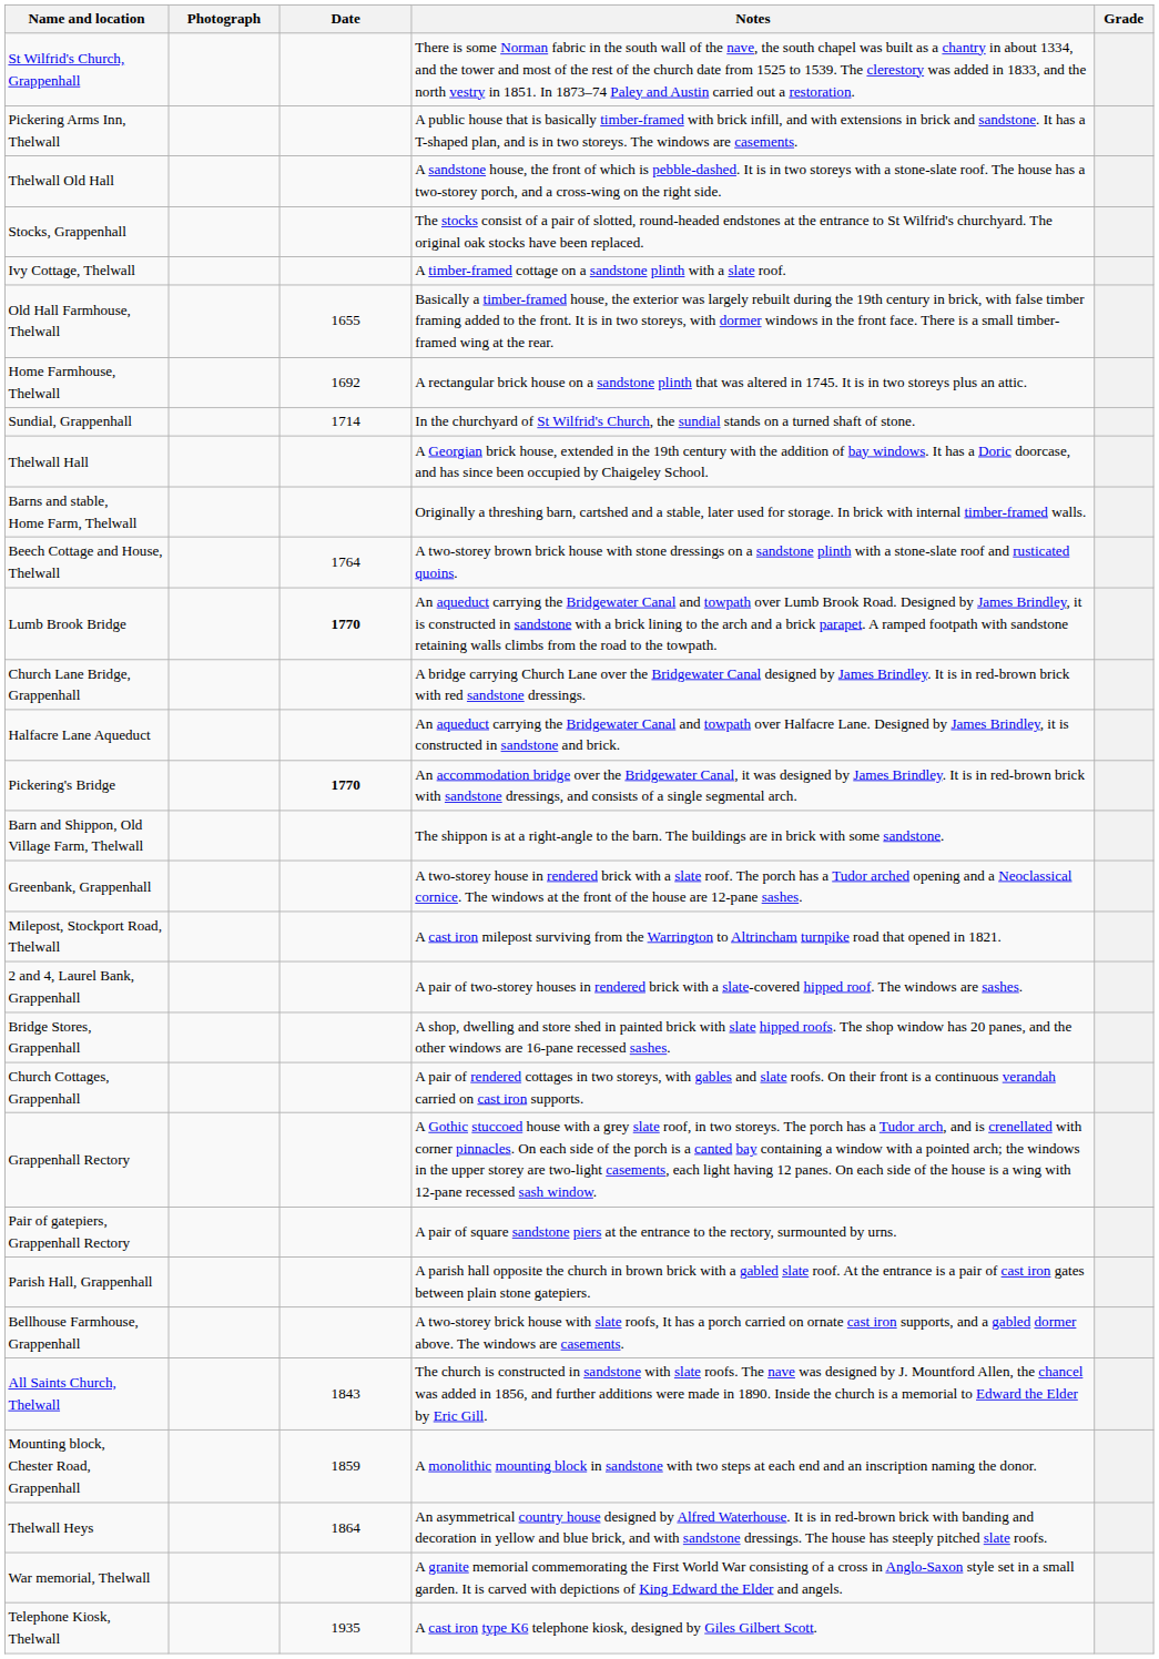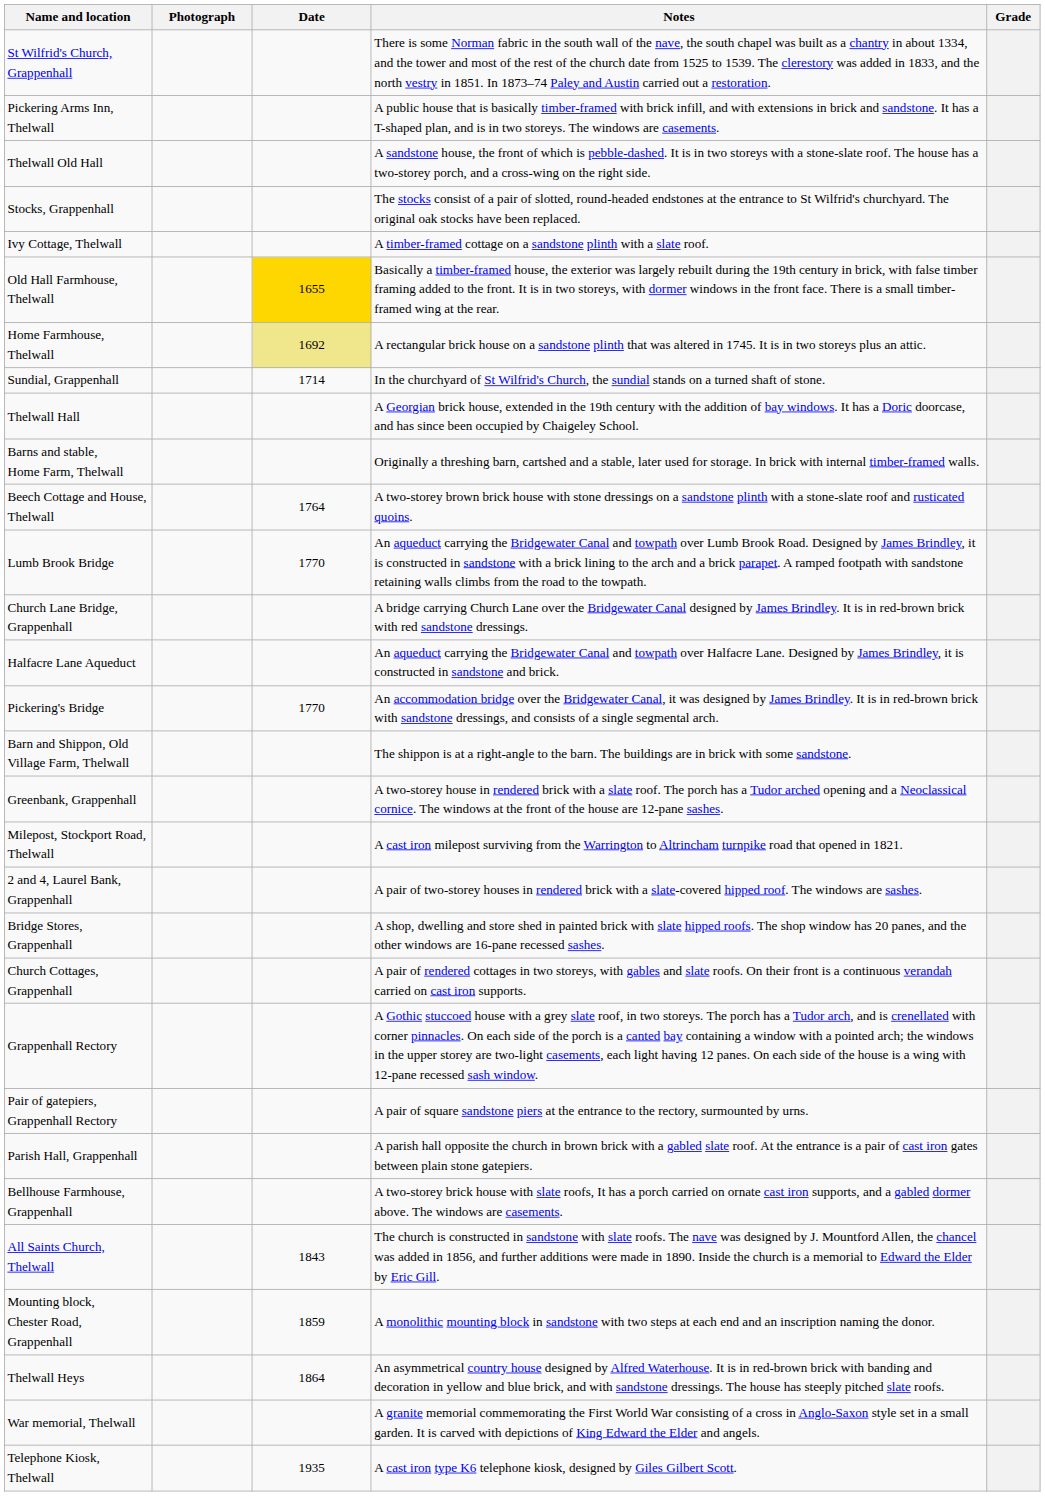 <table class="wikitable sortable plainrowheaders" style="width:100%;border:0px;text-align:left;line-height:150%;">
 <tr>
 <th scope="col"  style="width:150px">Name and location</th>
 <th scope="col"  style="width:100px" class="unsortable">Photograph</th>
 <th scope="col"  style="width:120px">Date</th>
 <th scope="col"  style="width:650px" class="unsortable">Notes</th>
 <th scope="col"  style="width:50px">Grade</th>
 </tr>
 <tr>
 <td><a href='#'>St Wilfrid's Church, Grappenhall</a><br><small></small></td>
 <td></td>
 <td align="center"></td>
 <td>There is some <a href='#'>Norman</a> fabric in the south wall of the <a href='#'>nave</a>, the south chapel was built as a <a href='#'>chantry</a> in about 1334, and the tower and most of the rest of the church date from 1525 to 1539.  The <a href='#'>clerestory</a> was added in 1833, and the north <a href='#'>vestry</a> in 1851.  In 1873–74 <a href='#'>Paley and Austin</a> carried out a <a href='#'>restoration</a>.</td>
 <th></th>
 </tr>
 <tr>
 <td>Pickering Arms Inn, Thelwall<br><small></small></td>
 <td></td>
 <td align="center"></td>
 <td>A public house that is basically <a href='#'>timber-framed</a> with brick infill, and with extensions in brick and <a href='#'>sandstone</a>.  It has a T-shaped plan, and is in two storeys.  The windows are <a href='#'>casements</a>.</td>
 <th></th>
 </tr>
 <tr>
 <td>Thelwall Old Hall<br><small></small></td>
 <td></td>
 <td align="center"></td>
 <td>A <a href='#'>sandstone</a> house, the front of which is <a href='#'>pebble-dashed</a>.  It is in two storeys with a stone-slate roof.  The house has a two-storey porch, and a cross-wing on the right side.</td>
 <th></th>
 </tr>
 <tr>
 <td>Stocks, Grappenhall<br><small></small></td>
 <td></td>
 <td align="center"></td>
 <td>The <a href='#'>stocks</a> consist of a pair of slotted, round-headed endstones at the entrance to St Wilfrid's churchyard.  The original oak stocks have been replaced.</td>
 <th></th>
 </tr>
 <tr>
 <td>Ivy Cottage, Thelwall<br><small></small></td>
 <td></td>
 <td align="center"></td>
 <td>A <a href='#'>timber-framed</a> cottage on a <a href='#'>sandstone</a> <a href='#'>plinth</a> with a <a href='#'>slate</a> roof.</td>
 <th></th>
 </tr>
 <tr>
 <td>Old Hall Farmhouse, Thelwall<br><small></small></td>
 <td></td>
-<td align="center">1655</td>
+<td align="center" style="background: gold;">1655</td>
 <td>Basically a <a href='#'>timber-framed</a> house, the exterior was largely rebuilt during the 19th century in brick, with false timber framing added to the front.  It is in two storeys, with <a href='#'>dormer</a> windows in the front face.  There is a small timber-framed wing at the rear.</td>
 <th></th>
 </tr>
 <tr>
 <td>Home Farmhouse, Thelwall<br><small></small></td>
 <td></td>
-<td align="center">1692</td>
+<td align="center" style="background: khaki;">1692</td>
 <td>A rectangular brick house on a <a href='#'>sandstone</a> <a href='#'>plinth</a> that was altered in 1745.  It is in two storeys plus an attic.</td>
 <th></th>
 </tr>
 <tr>
 <td>Sundial, Grappenhall<br><small></small></td>
 <td></td>
 <td align="center">1714</td>
 <td>In the churchyard of <a href='#'>St Wilfrid's Church</a>, the <a href='#'>sundial</a> stands on a turned shaft of stone.</td>
 <th></th>
 </tr>
 <tr>
 <td>Thelwall Hall<br><small></small></td>
 <td></td>
 <td align="center"></td>
 <td>A <a href='#'>Georgian</a> brick house, extended in the 19th century with the addition of <a href='#'>bay windows</a>.  It has a <a href='#'>Doric</a> doorcase, and has since been occupied by Chaigeley School.</td>
 <th></th>
 </tr>
 <tr>
 <td>Barns and stable,<br>Home Farm, Thelwall<br><small></small></td>
 <td></td>
 <td align="center"></td>
 <td>Originally a threshing barn, cartshed and a stable, later used for storage.  In brick with internal <a href='#'>timber-framed</a> walls.</td>
 <th></th>
 </tr>
 <tr>
 <td>Beech Cottage and House, Thelwall<br><small></small></td>
 <td></td>
 <td align="center">1764</td>
 <td>A two-storey brown brick house with stone dressings on a <a href='#'>sandstone</a> <a href='#'>plinth</a> with a stone-slate roof and <a href='#'>rusticated</a> <a href='#'>quoins</a>.</td>
 <th></th>
 </tr>
 <tr>
 <td>Lumb Brook Bridge<br><small></small></td>
 <td></td>
-<td align="center"><strong>1770</strong></td>
+<td align="center">1770</td>
 <td>An <a href='#'>aqueduct</a> carrying the <a href='#'>Bridgewater Canal</a> and <a href='#'>towpath</a> over Lumb Brook Road.  Designed by <a href='#'>James Brindley</a>, it is constructed in <a href='#'>sandstone</a> with a brick lining to the arch and a brick <a href='#'>parapet</a>.  A ramped footpath with sandstone retaining walls climbs from the road to the towpath.</td>
 <th></th>
 </tr>
 <tr>
 <td>Church Lane Bridge, Grappenhall<br><small></small></td>
 <td></td>
 <td align="center"></td>
 <td>A bridge carrying Church Lane over the <a href='#'>Bridgewater Canal</a> designed by <a href='#'>James Brindley</a>.  It is in red-brown brick with red <a href='#'>sandstone</a> dressings.</td>
 <th></th>
 </tr>
 <tr>
 <td>Halfacre Lane Aqueduct<br><small></small></td>
 <td></td>
 <td align="center"></td>
 <td>An <a href='#'>aqueduct</a> carrying the <a href='#'>Bridgewater Canal</a> and <a href='#'>towpath</a> over Halfacre Lane.  Designed by <a href='#'>James Brindley</a>, it is constructed in <a href='#'>sandstone</a> and brick.</td>
 <th></th>
 </tr>
 <tr>
 <td>Pickering's Bridge<br><small></small></td>
 <td></td>
-<td align="center"><strong>1770</strong></td>
+<td align="center">1770</td>
 <td>An <a href='#'>accommodation bridge</a> over the <a href='#'>Bridgewater Canal</a>, it was designed by <a href='#'>James Brindley</a>.  It is in red-brown brick with <a href='#'>sandstone</a> dressings, and consists of a single segmental arch.</td>
 <th></th>
 </tr>
 <tr>
 <td>Barn and Shippon, Old Village Farm, Thelwall<br><small></small></td>
 <td></td>
 <td align="center"></td>
 <td>The shippon is at a right-angle to the barn. The buildings are in brick with some <a href='#'>sandstone</a>.</td>
 <th></th>
 </tr>
 <tr>
 <td>Greenbank, Grappenhall<br><small></small></td>
 <td></td>
 <td align="center"></td>
 <td>A two-storey house in <a href='#'>rendered</a> brick with a <a href='#'>slate</a> roof.  The porch has a <a href='#'>Tudor arched</a> opening and a <a href='#'>Neoclassical</a> <a href='#'>cornice</a>.  The windows at the front of the house are 12-pane <a href='#'>sashes</a>.</td>
 <th></th>
 </tr>
 <tr>
 <td>Milepost, Stockport Road, Thelwall<br><small></small></td>
 <td></td>
 <td align="center"></td>
 <td>A <a href='#'>cast iron</a> milepost surviving from the <a href='#'>Warrington</a> to <a href='#'>Altrincham</a> <a href='#'>turnpike</a> road that opened in 1821.</td>
 <th></th>
 </tr>
 <tr>
 <td>2 and 4, Laurel Bank, Grappenhall<br><small></small></td>
 <td></td>
 <td align="center"></td>
 <td>A pair of two-storey houses in <a href='#'>rendered</a> brick with a <a href='#'>slate</a>-covered <a href='#'>hipped roof</a>.  The windows are <a href='#'>sashes</a>.</td>
 <th></th>
 </tr>
 <tr>
 <td>Bridge Stores, Grappenhall<br><small></small></td>
 <td></td>
 <td align="center"></td>
 <td>A shop, dwelling and store shed in painted brick with <a href='#'>slate</a> <a href='#'>hipped roofs</a>.  The shop window has 20 panes, and the other windows are 16-pane recessed <a href='#'>sashes</a>.</td>
 <th></th>
 </tr>
 <tr>
 <td>Church Cottages, Grappenhall<br><small></small></td>
 <td></td>
 <td align="center"></td>
 <td>A pair of <a href='#'>rendered</a> cottages in two storeys, with <a href='#'>gables</a> and <a href='#'>slate</a> roofs.  On their front is a continuous <a href='#'>verandah</a> carried on <a href='#'>cast iron</a> supports.</td>
 <th></th>
 </tr>
 <tr>
 <td>Grappenhall Rectory<br><small></small></td>
 <td></td>
 <td align="center"></td>
 <td>A <a href='#'>Gothic</a> <a href='#'>stuccoed</a> house with a grey <a href='#'>slate</a> roof, in two storeys.  The porch has a <a href='#'>Tudor arch</a>, and is <a href='#'>crenellated</a> with corner <a href='#'>pinnacles</a>.  On each side of the porch is a <a href='#'>canted</a> <a href='#'>bay</a> containing a window with a pointed arch; the windows in the upper storey are two-light <a href='#'>casements</a>, each light having 12 panes.  On each side of the house is a wing with 12-pane recessed <a href='#'>sash window</a>.</td>
 <th></th>
 </tr>
 <tr>
 <td>Pair of gatepiers, Grappenhall Rectory<br><small></small></td>
 <td></td>
 <td align="center"></td>
 <td>A pair of square <a href='#'>sandstone</a> <a href='#'>piers</a> at the entrance to the rectory, surmounted by urns.</td>
 <th></th>
 </tr>
 <tr>
 <td>Parish Hall, Grappenhall<br><small></small></td>
 <td></td>
 <td align="center"></td>
 <td>A parish hall opposite the church in brown brick with a <a href='#'>gabled</a> <a href='#'>slate</a> roof.  At the entrance is a pair of <a href='#'>cast iron</a> gates between plain stone gatepiers.</td>
 <th></th>
 </tr>
 <tr>
 <td>Bellhouse Farmhouse, Grappenhall<br><small></small></td>
 <td></td>
 <td align="center"></td>
 <td>A two-storey brick house with <a href='#'>slate</a> roofs,  It has a porch carried on ornate <a href='#'>cast iron</a> supports, and a <a href='#'>gabled</a> <a href='#'>dormer</a> above.  The windows are <a href='#'>casements</a>.</td>
 <th></th>
 </tr>
 <tr>
 <td><a href='#'>All Saints Church, Thelwall</a><br><small></small></td>
 <td></td>
 <td align="center">1843</td>
 <td>The church is constructed in <a href='#'>sandstone</a> with <a href='#'>slate</a> roofs.  The <a href='#'>nave</a> was designed by J. Mountford Allen, the <a href='#'>chancel</a> was added in 1856, and further additions were made in 1890.  Inside the church is a memorial to <a href='#'>Edward the Elder</a> by <a href='#'>Eric Gill</a>.</td>
 <th></th>
 </tr>
 <tr>
 <td>Mounting block,<br>Chester Road, Grappenhall<br><small></small></td>
 <td></td>
 <td align="center">1859</td>
 <td>A <a href='#'>monolithic</a> <a href='#'>mounting block</a> in <a href='#'>sandstone</a> with two steps at each end and an inscription naming the donor.</td>
 <th></th>
 </tr>
 <tr>
 <td>Thelwall Heys<br><small></small></td>
 <td></td>
 <td align="center">1864</td>
 <td>An asymmetrical <a href='#'>country house</a> designed by <a href='#'>Alfred Waterhouse</a>.  It is in red-brown brick with banding and decoration in yellow and blue brick, and with <a href='#'>sandstone</a> dressings.  The house has steeply pitched <a href='#'>slate</a> roofs.</td>
 <th></th>
 </tr>
 <tr>
 <td>War memorial, Thelwall<br><small></small></td>
 <td></td>
 <td align="center"></td>
 <td>A <a href='#'>granite</a> memorial commemorating the First World War consisting of a cross in <a href='#'>Anglo-Saxon</a> style set in a small garden.  It is carved with depictions of <a href='#'>King Edward the Elder</a> and angels.</td>
 <th></th>
 </tr>
 <tr>
 <td>Telephone Kiosk, Thelwall<br><small></small></td>
 <td></td>
 <td align="center">1935</td>
 <td>A <a href='#'>cast iron</a> <a href='#'>type K6</a> telephone kiosk, designed by <a href='#'>Giles Gilbert Scott</a>.</td>
 <th></th>
 </tr>
 <tr>
 </tr>
 </table>
